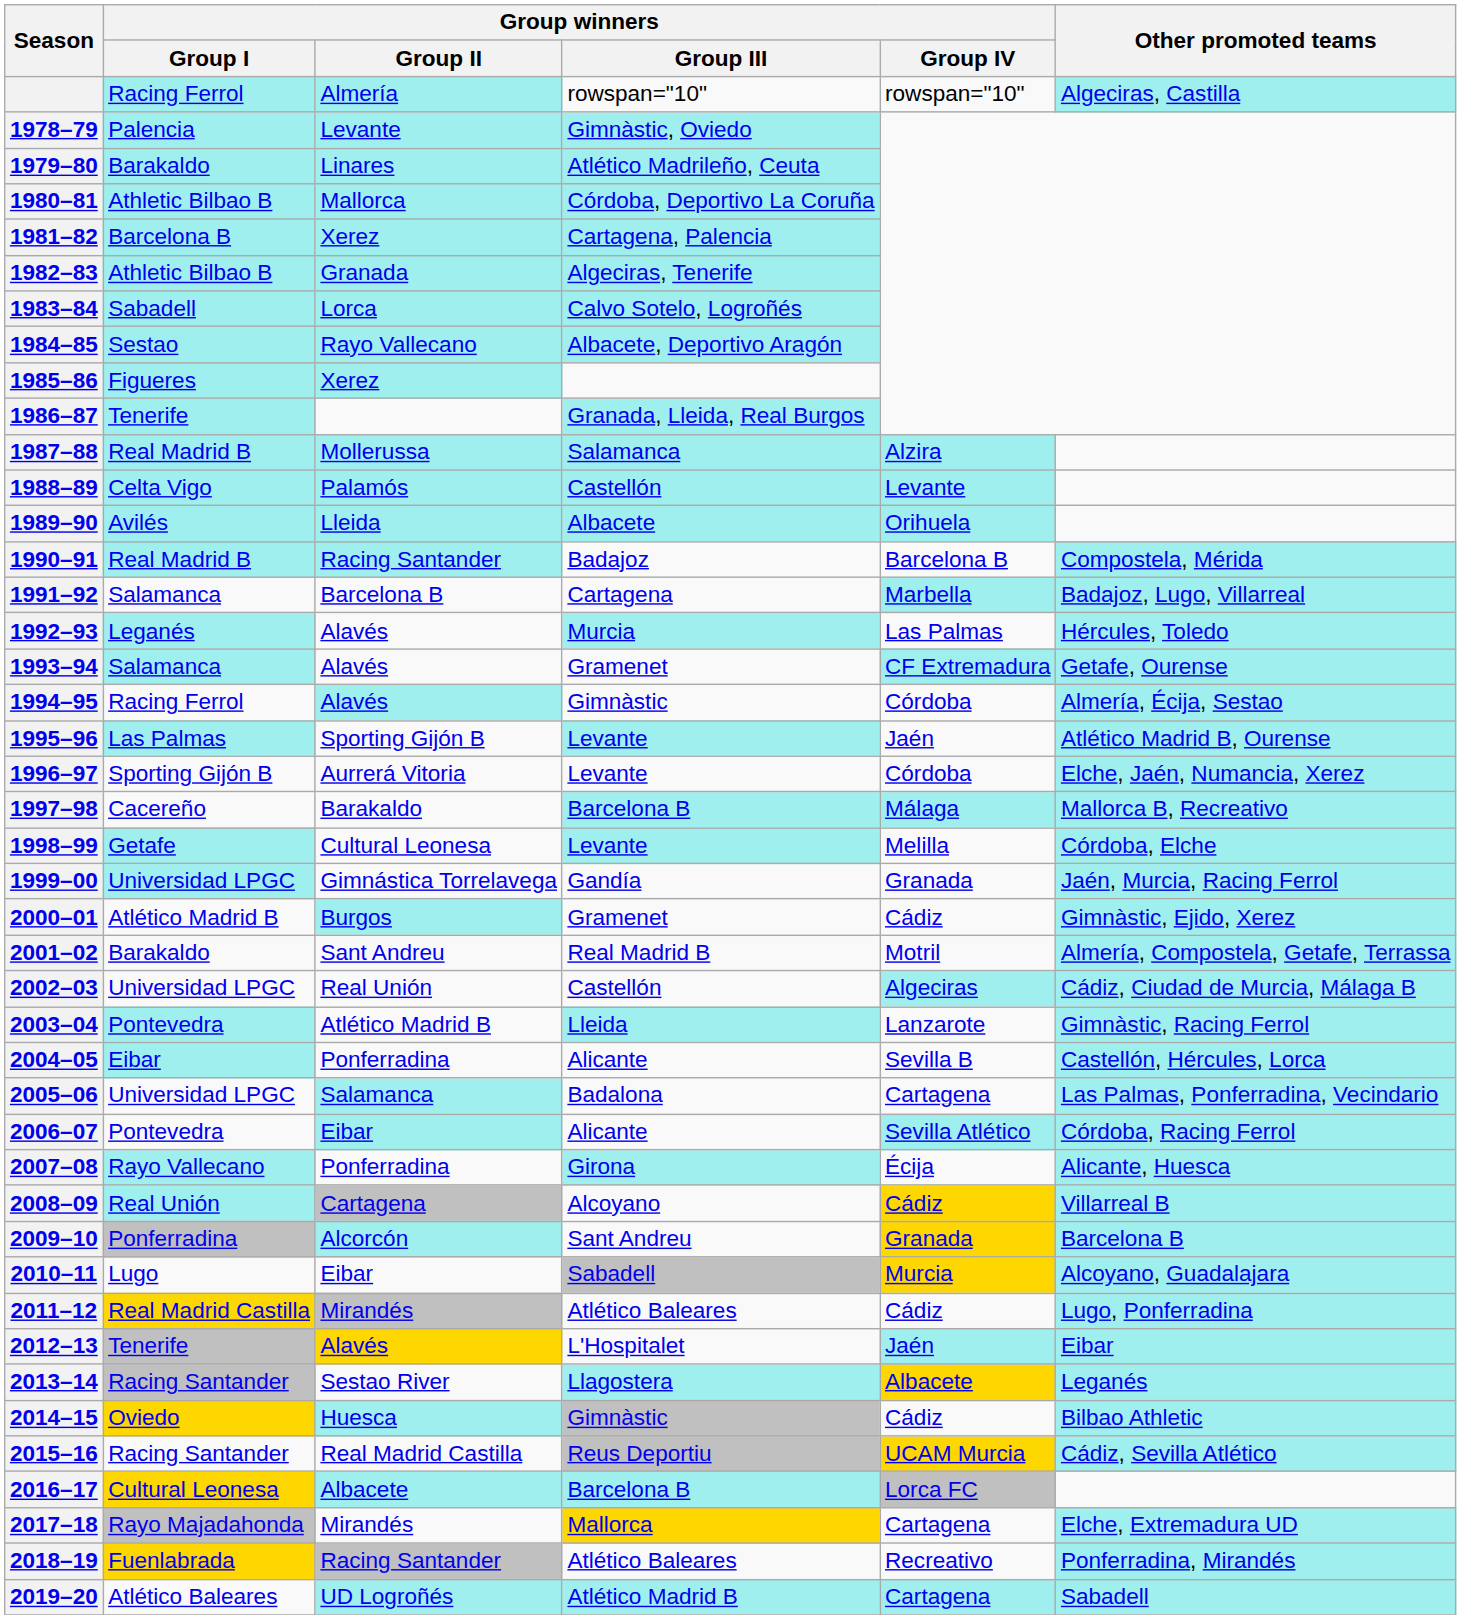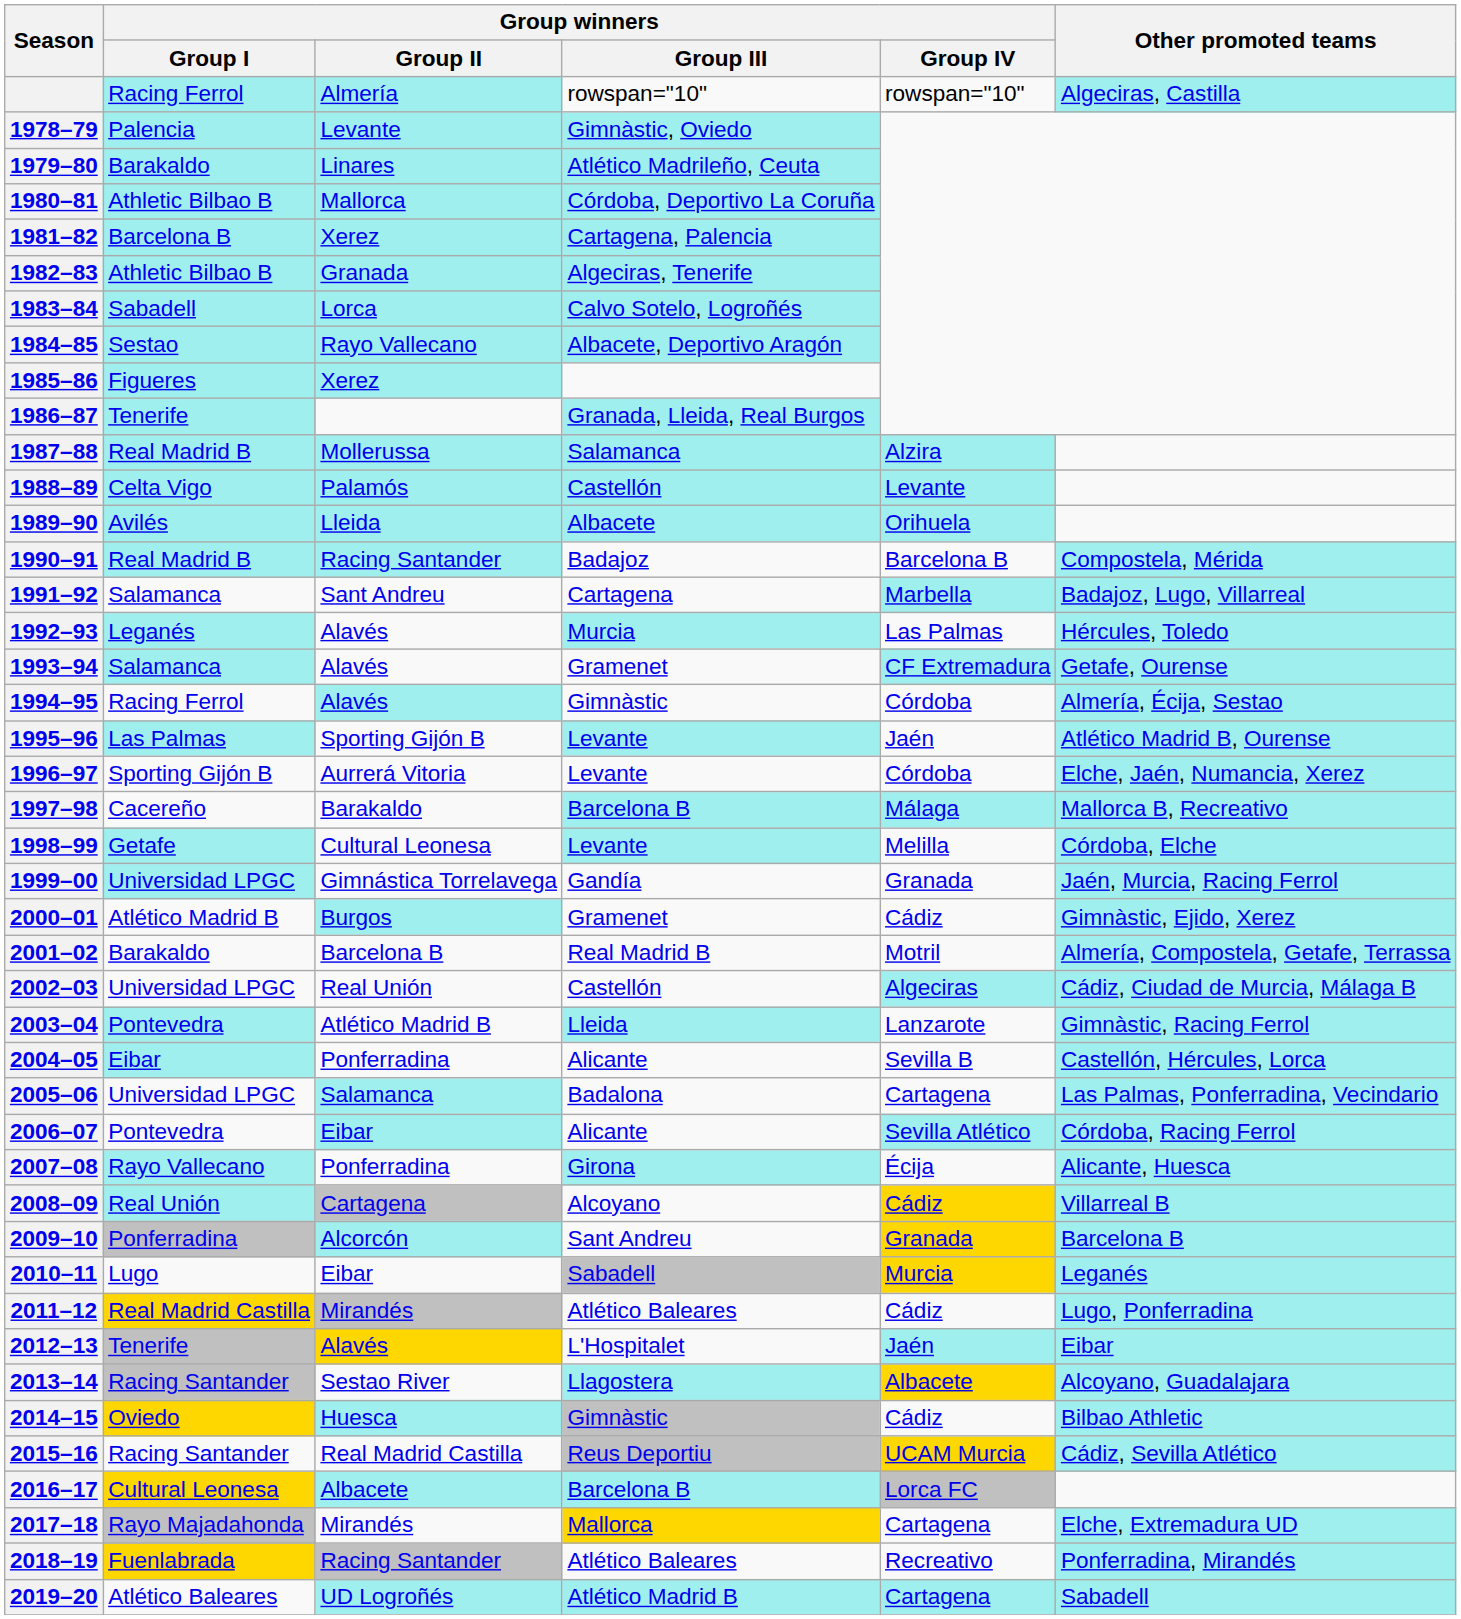 <table class="wikitable">
 <tr>
 <th rowspan="2">Season</th>
 <th colspan="4">Group winners</th>
 <th rowspan="2">Other promoted teams</th>
 </tr>
 <tr>
 <th>Group I</th>
 <th>Group II</th>
 <th>Group III</th>
 <th>Group IV</th>
 </tr>
 <tr>
 <th></th>
 <td bgcolor=#9fefef><a href='#'>Racing Ferrol</a></td>
 <td bgcolor=#9fefef><a href='#'>Almería</a></td>
 <td>rowspan="10" </td>
 <td>rowspan="10" </td>
 <td bgcolor=#9fefef><a href='#'>Algeciras</a>, <a href='#'>Castilla</a></td>
 </tr>
 <tr>
 <th><a href='#'>1978–79</a></th>
 <td bgcolor=#9fefef><a href='#'>Palencia</a></td>
 <td bgcolor=#9fefef><a href='#'>Levante</a></td>
 <td bgcolor=#9fefef><a href='#'>Gimnàstic</a>, <a href='#'>Oviedo</a></td>
 </tr>
 <tr>
 <th><a href='#'>1979–80</a></th>
 <td bgcolor=#9fefef><a href='#'>Barakaldo</a></td>
 <td bgcolor=#9fefef><a href='#'>Linares</a></td>
 <td bgcolor=#9fefef><a href='#'>Atlético Madrileño</a>, <a href='#'>Ceuta</a></td>
 </tr>
 <tr>
 <th><a href='#'>1980–81</a></th>
 <td bgcolor=#9fefef><a href='#'>Athletic Bilbao B</a></td>
 <td bgcolor=#9fefef><a href='#'>Mallorca</a></td>
 <td bgcolor=#9fefef><a href='#'>Córdoba</a>, <a href='#'>Deportivo La Coruña</a></td>
 </tr>
 <tr>
 <th><a href='#'>1981–82</a></th>
 <td bgcolor=#9fefef><a href='#'>Barcelona B</a></td>
 <td bgcolor=#9fefef><a href='#'>Xerez</a></td>
 <td bgcolor=#9fefef><a href='#'>Cartagena</a>, <a href='#'>Palencia</a></td>
 </tr>
 <tr>
 <th><a href='#'>1982–83</a></th>
 <td bgcolor=#9fefef><a href='#'>Athletic Bilbao B</a></td>
 <td bgcolor=#9fefef><a href='#'>Granada</a></td>
 <td bgcolor=#9fefef><a href='#'>Algeciras</a>, <a href='#'>Tenerife</a></td>
 </tr>
 <tr>
 <th><a href='#'>1983–84</a></th>
 <td bgcolor=#9fefef><a href='#'>Sabadell</a></td>
 <td bgcolor=#9fefef><a href='#'>Lorca</a></td>
 <td bgcolor=#9fefef><a href='#'>Calvo Sotelo</a>, <a href='#'>Logroñés</a></td>
 </tr>
 <tr>
 <th><a href='#'>1984–85</a></th>
 <td bgcolor=#9fefef><a href='#'>Sestao</a></td>
 <td bgcolor=#9fefef><a href='#'>Rayo Vallecano</a></td>
 <td bgcolor=#9fefef><a href='#'>Albacete</a>, <a href='#'>Deportivo Aragón</a></td>
 </tr>
 <tr>
 <th><a href='#'>1985–86</a></th>
 <td bgcolor=#9fefef><a href='#'>Figueres</a></td>
 <td bgcolor=#9fefef><a href='#'>Xerez</a></td>
 <td></td>
 </tr>
 <tr>
 <th><a href='#'>1986–87</a></th>
 <td bgcolor=#9fefef><a href='#'>Tenerife</a></td>
 <td></td>
 <td bgcolor=#9fefef><a href='#'>Granada</a>, <a href='#'>Lleida</a>, <a href='#'>Real Burgos</a></td>
 </tr>
 <tr>
 <th><a href='#'>1987–88</a></th>
 <td bgcolor=#9fefef><a href='#'>Real Madrid B</a></td>
 <td bgcolor=#9fefef><a href='#'>Mollerussa</a></td>
 <td bgcolor=#9fefef><a href='#'>Salamanca</a></td>
 <td bgcolor=#9fefef><a href='#'>Alzira</a></td>
 <td></td>
 </tr>
 <tr>
 <th><a href='#'>1988–89</a></th>
 <td bgcolor=#9fefef><a href='#'>Celta Vigo</a></td>
 <td bgcolor=#9fefef><a href='#'>Palamós</a></td>
 <td bgcolor=#9fefef><a href='#'>Castellón</a></td>
 <td bgcolor=#9fefef><a href='#'>Levante</a></td>
 <td></td>
 </tr>
 <tr>
 <th><a href='#'>1989–90</a></th>
 <td bgcolor=#9fefef><a href='#'>Avilés</a></td>
 <td bgcolor=#9fefef><a href='#'>Lleida</a></td>
 <td bgcolor=#9fefef><a href='#'>Albacete</a></td>
 <td bgcolor=#9fefef><a href='#'>Orihuela</a></td>
 <td></td>
 </tr>
 <tr>
 <th><a href='#'>1990–91</a></th>
 <td bgcolor=#9fefef><a href='#'>Real Madrid B</a></td>
 <td bgcolor=#9fefef><a href='#'>Racing Santander</a></td>
 <td><a href='#'>Badajoz</a></td>
 <td><a href='#'>Barcelona B</a></td>
 <td bgcolor=#9fefef><a href='#'>Compostela</a>, <a href='#'>Mérida</a></td>
 </tr>
 <tr>
 <th><a href='#'>1991–92</a></th>
 <td><a href='#'>Salamanca</a></td>
-<td><a href='#'>Barcelona B</a></td>
+<td><a href='#'>Sant Andreu</a></td>
 <td><a href='#'>Cartagena</a></td>
 <td bgcolor=#9fefef><a href='#'>Marbella</a></td>
 <td bgcolor=#9fefef><a href='#'>Badajoz</a>, <a href='#'>Lugo</a>, <a href='#'>Villarreal</a></td>
 </tr>
 <tr>
 <th><a href='#'>1992–93</a></th>
 <td bgcolor=#9fefef><a href='#'>Leganés</a></td>
 <td><a href='#'>Alavés</a></td>
 <td bgcolor=#9fefef><a href='#'>Murcia</a></td>
 <td><a href='#'>Las Palmas</a></td>
 <td bgcolor=#9fefef><a href='#'>Hércules</a>, <a href='#'>Toledo</a></td>
 </tr>
 <tr>
 <th><a href='#'>1993–94</a></th>
 <td bgcolor=#9fefef><a href='#'>Salamanca</a></td>
 <td><a href='#'>Alavés</a></td>
 <td><a href='#'>Gramenet</a></td>
 <td bgcolor=#9fefef><a href='#'>CF Extremadura</a></td>
 <td bgcolor=#9fefef><a href='#'>Getafe</a>, <a href='#'>Ourense</a></td>
 </tr>
 <tr>
 <th><a href='#'>1994–95</a></th>
 <td><a href='#'>Racing Ferrol</a></td>
 <td bgcolor=#9fefef><a href='#'>Alavés</a></td>
 <td><a href='#'>Gimnàstic</a></td>
 <td><a href='#'>Córdoba</a></td>
 <td bgcolor=#9fefef><a href='#'>Almería</a>, <a href='#'>Écija</a>, <a href='#'>Sestao</a></td>
 </tr>
 <tr>
 <th><a href='#'>1995–96</a></th>
 <td bgcolor=#9fefef><a href='#'>Las Palmas</a></td>
 <td><a href='#'>Sporting Gijón B</a></td>
 <td bgcolor=#9fefef><a href='#'>Levante</a></td>
 <td><a href='#'>Jaén</a></td>
 <td bgcolor=#9fefef><a href='#'>Atlético Madrid B</a>, <a href='#'>Ourense</a></td>
 </tr>
 <tr>
 <th><a href='#'>1996–97</a></th>
 <td><a href='#'>Sporting Gijón B</a></td>
 <td><a href='#'>Aurrerá Vitoria</a></td>
 <td><a href='#'>Levante</a></td>
 <td><a href='#'>Córdoba</a></td>
 <td bgcolor=#9fefef><a href='#'>Elche</a>, <a href='#'>Jaén</a>, <a href='#'>Numancia</a>, <a href='#'>Xerez</a></td>
 </tr>
 <tr>
 <th><a href='#'>1997–98</a></th>
 <td><a href='#'>Cacereño</a></td>
 <td><a href='#'>Barakaldo</a></td>
 <td bgcolor=#9fefef><a href='#'>Barcelona B</a></td>
 <td bgcolor=#9fefef><a href='#'>Málaga</a></td>
 <td bgcolor=#9fefef><a href='#'>Mallorca B</a>, <a href='#'>Recreativo</a></td>
 </tr>
 <tr>
 <th><a href='#'>1998–99</a></th>
 <td bgcolor=#9fefef><a href='#'>Getafe</a></td>
 <td><a href='#'>Cultural Leonesa</a></td>
 <td bgcolor=#9fefef><a href='#'>Levante</a></td>
 <td><a href='#'>Melilla</a></td>
 <td bgcolor=#9fefef><a href='#'>Córdoba</a>, <a href='#'>Elche</a></td>
 </tr>
 <tr>
 <th><a href='#'>1999–00</a></th>
 <td bgcolor=#9fefef><a href='#'>Universidad LPGC</a></td>
 <td><a href='#'>Gimnástica Torrelavega</a></td>
 <td><a href='#'>Gandía</a></td>
 <td><a href='#'>Granada</a></td>
 <td bgcolor=#9fefef><a href='#'>Jaén</a>, <a href='#'>Murcia</a>, <a href='#'>Racing Ferrol</a></td>
 </tr>
 <tr>
 <th><a href='#'>2000–01</a></th>
 <td><a href='#'>Atlético Madrid B</a></td>
 <td bgcolor=#9fefef><a href='#'>Burgos</a></td>
 <td><a href='#'>Gramenet</a></td>
 <td><a href='#'>Cádiz</a></td>
 <td bgcolor=#9fefef><a href='#'>Gimnàstic</a>, <a href='#'>Ejido</a>, <a href='#'>Xerez</a></td>
 </tr>
 <tr>
 <th><a href='#'>2001–02</a></th>
 <td><a href='#'>Barakaldo</a></td>
-<td><a href='#'>Sant Andreu</a></td>
+<td><a href='#'>Barcelona B</a></td>
 <td><a href='#'>Real Madrid B</a></td>
 <td><a href='#'>Motril</a></td>
 <td bgcolor=#9fefef><a href='#'>Almería</a>, <a href='#'>Compostela</a>, <a href='#'>Getafe</a>, <a href='#'>Terrassa</a></td>
 </tr>
 <tr>
 <th><a href='#'>2002–03</a></th>
 <td><a href='#'>Universidad LPGC</a></td>
 <td><a href='#'>Real Unión</a></td>
 <td><a href='#'>Castellón</a></td>
 <td bgcolor=#9fefef><a href='#'>Algeciras</a></td>
 <td bgcolor=#9fefef><a href='#'>Cádiz</a>, <a href='#'>Ciudad de Murcia</a>, <a href='#'>Málaga B</a></td>
 </tr>
 <tr>
 <th><a href='#'>2003–04</a></th>
 <td bgcolor=#9fefef><a href='#'>Pontevedra</a></td>
 <td><a href='#'>Atlético Madrid B</a></td>
 <td bgcolor=#9fefef><a href='#'>Lleida</a></td>
 <td><a href='#'>Lanzarote</a></td>
 <td bgcolor=#9fefef><a href='#'>Gimnàstic</a>, <a href='#'>Racing Ferrol</a></td>
 </tr>
 <tr>
 <th><a href='#'>2004–05</a></th>
 <td bgcolor=#9fefef><a href='#'>Eibar</a></td>
 <td><a href='#'>Ponferradina</a></td>
 <td><a href='#'>Alicante</a></td>
 <td><a href='#'>Sevilla B</a></td>
 <td bgcolor=#9fefef><a href='#'>Castellón</a>, <a href='#'>Hércules</a>, <a href='#'>Lorca</a></td>
 </tr>
 <tr>
 <th><a href='#'>2005–06</a></th>
 <td><a href='#'>Universidad LPGC</a></td>
 <td bgcolor=#9fefef><a href='#'>Salamanca</a></td>
 <td><a href='#'>Badalona</a></td>
 <td><a href='#'>Cartagena</a></td>
 <td bgcolor=#9fefef><a href='#'>Las Palmas</a>, <a href='#'>Ponferradina</a>, <a href='#'>Vecindario</a></td>
 </tr>
 <tr>
 <th><a href='#'>2006–07</a></th>
 <td><a href='#'>Pontevedra</a></td>
 <td bgcolor=#9fefef><a href='#'>Eibar</a></td>
 <td><a href='#'>Alicante</a></td>
 <td bgcolor=#9fefef><a href='#'>Sevilla Atlético</a></td>
 <td bgcolor=#9fefef><a href='#'>Córdoba</a>, <a href='#'>Racing Ferrol</a></td>
 </tr>
 <tr>
 <th><a href='#'>2007–08</a></th>
 <td bgcolor=#9fefef><a href='#'>Rayo Vallecano</a></td>
 <td><a href='#'>Ponferradina</a></td>
 <td bgcolor=#9fefef><a href='#'>Girona</a></td>
 <td><a href='#'>Écija</a></td>
 <td bgcolor=#9fefef><a href='#'>Alicante</a>, <a href='#'>Huesca</a></td>
 </tr>
 <tr>
 <th><a href='#'>2008–09</a></th>
 <td bgcolor=#9fefef><a href='#'>Real Unión</a></td>
 <td bgcolor=silver><a href='#'>Cartagena</a></td>
 <td><a href='#'>Alcoyano</a></td>
 <td bgcolor=gold><a href='#'>Cádiz</a></td>
 <td bgcolor=#9fefef><a href='#'>Villarreal B</a></td>
 </tr>
 <tr>
 <th><a href='#'>2009–10</a></th>
 <td bgcolor=silver><a href='#'>Ponferradina</a></td>
 <td bgcolor=#9fefef><a href='#'>Alcorcón</a></td>
 <td><a href='#'>Sant Andreu</a></td>
 <td bgcolor=gold><a href='#'>Granada</a></td>
 <td bgcolor=#9fefef><a href='#'>Barcelona B</a></td>
 </tr>
 <tr>
 <th><a href='#'>2010–11</a></th>
 <td><a href='#'>Lugo</a></td>
 <td><a href='#'>Eibar</a></td>
 <td bgcolor=silver><a href='#'>Sabadell</a></td>
 <td bgcolor=gold><a href='#'>Murcia</a></td>
-<td bgcolor=#9fefef><a href='#'>Alcoyano</a>, <a href='#'>Guadalajara</a></td>
+<td bgcolor=#9fefef><a href='#'>Leganés</a></td>
 </tr>
 <tr>
 <th><a href='#'>2011–12</a></th>
 <td bgcolor=gold><a href='#'>Real Madrid Castilla</a></td>
 <td bgcolor=silver><a href='#'>Mirandés</a></td>
 <td><a href='#'>Atlético Baleares</a></td>
 <td><a href='#'>Cádiz</a></td>
 <td bgcolor=#9fefef><a href='#'>Lugo</a>, <a href='#'>Ponferradina</a></td>
 </tr>
 <tr>
 <th><a href='#'>2012–13</a></th>
 <td bgcolor=silver><a href='#'>Tenerife</a></td>
 <td bgcolor=gold><a href='#'>Alavés</a></td>
 <td><a href='#'>L'Hospitalet</a></td>
 <td bgcolor=#9fefef><a href='#'>Jaén</a></td>
 <td bgcolor=#9fefef><a href='#'>Eibar</a></td>
 </tr>
 <tr>
 <th><a href='#'>2013–14</a></th>
 <td bgcolor=silver><a href='#'>Racing Santander</a></td>
 <td><a href='#'>Sestao River</a></td>
 <td bgcolor=#9fefef><a href='#'>Llagostera</a></td>
 <td bgcolor=gold><a href='#'>Albacete</a></td>
-<td bgcolor=#9fefef><a href='#'>Leganés</a></td>
+<td bgcolor=#9fefef><a href='#'>Alcoyano</a>, <a href='#'>Guadalajara</a></td>
 </tr>
 <tr>
 <th><a href='#'>2014–15</a></th>
 <td bgcolor=gold><a href='#'>Oviedo</a></td>
 <td bgcolor=#9fefef><a href='#'>Huesca</a></td>
 <td bgcolor=silver><a href='#'>Gimnàstic</a></td>
 <td><a href='#'>Cádiz</a></td>
 <td bgcolor=#9fefef><a href='#'>Bilbao Athletic</a></td>
 </tr>
 <tr>
 <th><a href='#'>2015–16</a></th>
 <td><a href='#'>Racing Santander</a></td>
 <td><a href='#'>Real Madrid Castilla</a></td>
 <td bgcolor=silver><a href='#'>Reus Deportiu</a></td>
 <td bgcolor=gold><a href='#'>UCAM Murcia</a></td>
 <td bgcolor=#9fefef><a href='#'>Cádiz</a>, <a href='#'>Sevilla Atlético</a></td>
 </tr>
 <tr>
 <th><a href='#'>2016–17</a></th>
 <td bgcolor=gold><a href='#'>Cultural Leonesa</a></td>
 <td bgcolor=#9fefef><a href='#'>Albacete</a></td>
 <td bgcolor=#9fefef><a href='#'>Barcelona B</a></td>
 <td bgcolor=silver><a href='#'>Lorca FC</a></td>
 <td></td>
 </tr>
 <tr>
 <th><a href='#'>2017–18</a></th>
 <td bgcolor=silver><a href='#'>Rayo Majadahonda</a></td>
 <td><a href='#'>Mirandés</a></td>
 <td bgcolor=gold><a href='#'>Mallorca</a></td>
 <td><a href='#'>Cartagena</a></td>
 <td bgcolor=#9fefef><a href='#'>Elche</a>, <a href='#'>Extremadura UD</a></td>
 </tr>
 <tr>
 <th><a href='#'>2018–19</a></th>
 <td bgcolor=gold><a href='#'>Fuenlabrada</a></td>
 <td bgcolor=silver><a href='#'>Racing Santander</a></td>
 <td><a href='#'>Atlético Baleares</a></td>
 <td><a href='#'>Recreativo</a></td>
 <td bgcolor=#9fefef><a href='#'>Ponferradina</a>, <a href='#'>Mirandés</a></td>
 </tr>
 <tr>
 <th><a href='#'>2019–20</a></th>
 <td><a href='#'>Atlético Baleares</a></td>
 <td bgcolor=#9fefef><a href='#'>UD Logroñés</a></td>
 <td bgcolor=#9fefef><a href='#'>Atlético Madrid B</a></td>
 <td bgcolor=#9fefef><a href='#'>Cartagena</a></td>
 <td bgcolor=#9fefef><a href='#'>Sabadell</a></td>
 </tr>
 </table>
